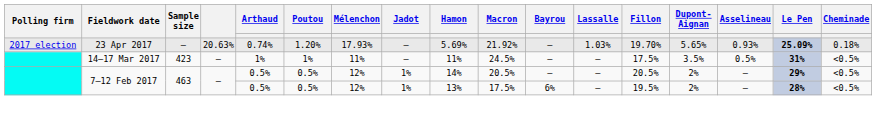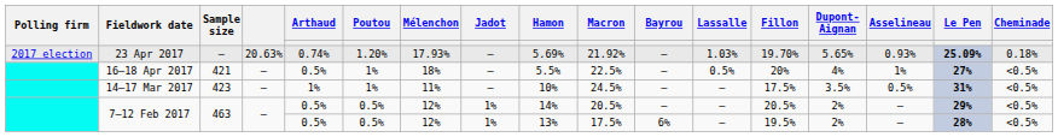 <table class="wikitable sortable" style="text-align:center;font-size:90%;line-height:14px;">
 <tr style="height:40px;">
 <th style="width:100px;" rowspan="2">Polling firm</th>
 <th style="width:110px;" rowspan="2">Fieldwork date</th>
 <th style="width:35px;" rowspan="2">Sample<br>size</th>
 <th style="width:30px;" rowspan="2"></th>
 <th class="unsortable" style="width:60px;"><a href='#'>Arthaud</a><br></th>
 <th class="unsortable" style="width:60px;"><a href='#'>Poutou</a><br></th>
 <th class="unsortable" style="width:60px;"><a href='#'>Mélenchon</a><br></th>
 <th class="unsortable" style="width:60px;"><a href='#'>Jadot</a><br></th>
 <th class="unsortable" style="width:60px;"><a href='#'>Hamon</a><br></th>
 <th class="unsortable" style="width:60px;"><a href='#'>Macron</a><br></th>
 <th class="unsortable" style="width:60px;"><a href='#'>Bayrou</a><br></th>
 <th class="unsortable" style="width:60px;"><a href='#'>Lassalle</a><br></th>
 <th class="unsortable" style="width:60px;"><a href='#'>Fillon</a><br></th>
 <th class="unsortable" style="width:60px;"><a href='#'>Dupont-Aignan</a><br></th>
 <th class="unsortable" style="width:60px;"><a href='#'>Asselineau</a><br></th>
 <th class="unsortable" style="width:60px;"><a href='#'>Le Pen</a><br></th>
 <th class="unsortable" style="width:60px;"><a href='#'>Cheminade</a><br></th>
 </tr>
 <tr>
 <th style="background:"></th>
 <th style="background:"></th>
 <th style="background:"></th>
 <th style="background:"></th>
 <th style="background:"></th>
 <th style="background:"></th>
 <th style="background:"></th>
 <th style="background:"></th>
 <th style="background:"></th>
 <th style="background:"></th>
 <th style="background:"></th>
 <th style="background:"></th>
 <th style="background:"></th>
 </tr>
 <tr style="background:#E9E9E9;">
 <td><a href='#'>2017 election</a></td>
 <td data-sort-value="2017-04-23">23 Apr 2017</td>
 <td>–</td>
 <td>20.63%</td>
 <td>0.74%</td>
 <td>1.20%</td>
 <td>17.93%</td>
 <td>–</td>
 <td>5.69%</td>
 <td>21.92%</td>
 <td>–</td>
 <td>1.03%</td>
 <td>19.70%</td>
 <td>5.65%</td>
 <td>0.93%</td>
 <td style="background:#C1CCE1;"><strong>25.09%</strong></td>
 <td>0.18%</td>
 </tr>
 <tr>
 <td style="background:#04FBF4;"></td>
+<td data-sort-value="2017-04-18">16–18 Apr 2017</td>
+<td>421</td>
+<td>–</td>
+<td>0.5%</td>
+<td>1%</td>
+<td>18%</td>
+<td>–</td>
+<td>5.5%</td>
+<td>22.5%</td>
+<td>–</td>
+<td>0.5%</td>
+<td>20%</td>
+<td>4%</td>
+<td>1%</td>
+<td style="background:#C1CCE1;"><strong>27%</strong></td>
+<td data-sort-value="0%"><0.5%</td>
+</tr>
+<tr>
+<td style="background:#04FBF4;"></td>
 <td data-sort-value="2017-03-17">14–17 Mar 2017</td>
 <td>423</td>
 <td>–</td>
 <td>1%</td>
 <td>1%</td>
 <td>11%</td>
 <td>–</td>
-<td>11%</td>
+<td>10%</td>
 <td>24.5%</td>
 <td>–</td>
 <td>–</td>
 <td>17.5%</td>
 <td>3.5%</td>
 <td>0.5%</td>
 <td style="background:#C1CCE1;"><strong>31%</strong></td>
 <td data-sort-value="0%"><0.5%</td>
 </tr>
 <tr>
 <td rowspan="2" style="background:#04FBF4;"></td>
 <td rowspan="2" data-sort-value="2017-02-12">7–12 Feb 2017</td>
 <td rowspan="2">463</td>
 <td rowspan="2">–</td>
 <td>0.5%</td>
 <td>0.5%</td>
 <td>12%</td>
 <td>1%</td>
 <td>14%</td>
 <td>20.5%</td>
 <td>–</td>
 <td>–</td>
 <td>20.5%</td>
 <td>2%</td>
 <td>–</td>
 <td style="background:#C1CCE1;"><strong>29%</strong></td>
 <td data-sort-value="0%"><0.5%</td>
 </tr>
 <tr>
 <td>0.5%</td>
 <td>0.5%</td>
 <td>12%</td>
 <td>1%</td>
 <td>13%</td>
 <td>17.5%</td>
 <td>6%</td>
 <td>–</td>
 <td>19.5%</td>
 <td>2%</td>
 <td>–</td>
 <td style="background:#C1CCE1;"><strong>28%</strong></td>
 <td data-sort-value="0%"><0.5%</td>
 </tr>
 </table>
